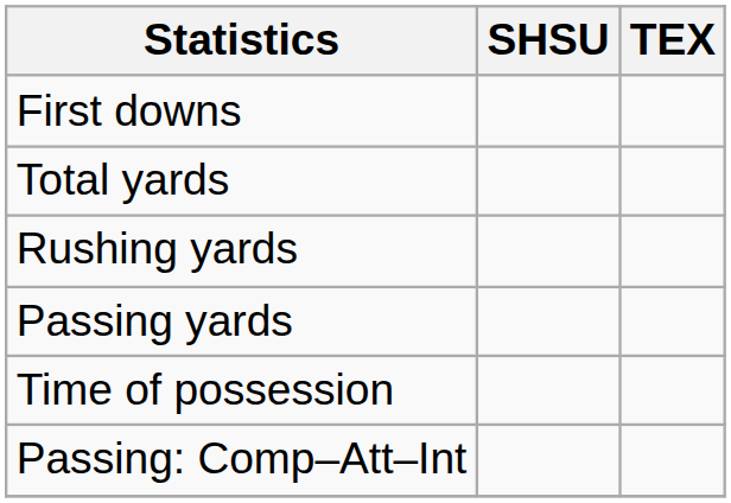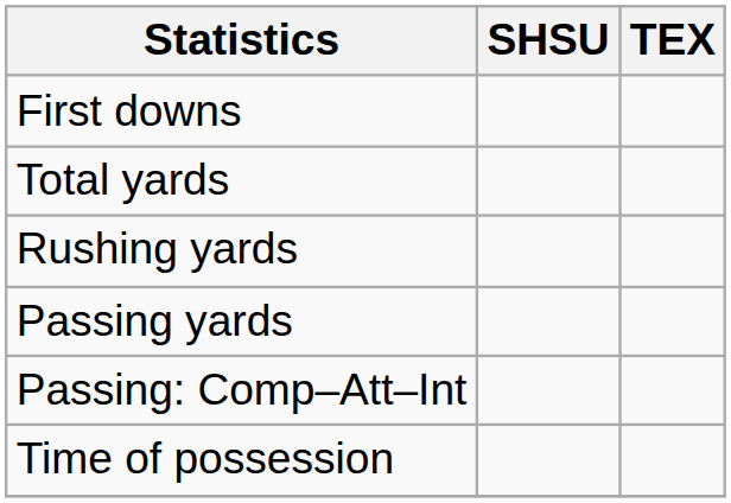 <table class="wikitable" style="float: left;">
 <tr>
 <th>Statistics</th>
 <th>SHSU</th>
 <th>TEX</th>
 </tr>
 <tr>
 <td>First downs</td>
 <td></td>
 <td></td>
 </tr>
 <tr>
 <td>Total yards</td>
 <td></td>
 <td></td>
 </tr>
 <tr>
 <td>Rushing yards</td>
 <td></td>
 <td></td>
 </tr>
 <tr>
 <td>Passing yards</td>
 <td></td>
 <td></td>
 </tr>
 <tr>
-<td>Time of possession</td>
+<td>Passing: Comp–Att–Int</td>
 <td></td>
 <td></td>
 </tr>
 <tr>
-<td>Passing: Comp–Att–Int</td>
+<td>Time of possession</td>
 <td></td>
 <td></td>
 </tr>
 <tr>
 </tr>
 </table>
